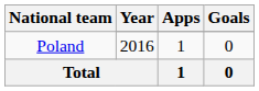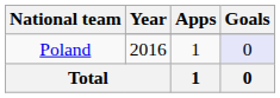 <table class="wikitable" style="text-align:center">
 <tr>
 <th>National team</th>
 <th>Year</th>
 <th>Apps</th>
 <th>Goals</th>
 </tr>
 <tr>
 <td rowspan=2><a href='#'>Poland</a></td>
 </tr>
 <tr>
 <td>2016</td>
 <td>1</td>
-<td>0</td>
+<td style="background: lavender;">0</td>
 </tr>
 <tr>
 <th colspan="2">Total</th>
 <th>1</th>
 <th>0</th>
 </tr>
 </table>
